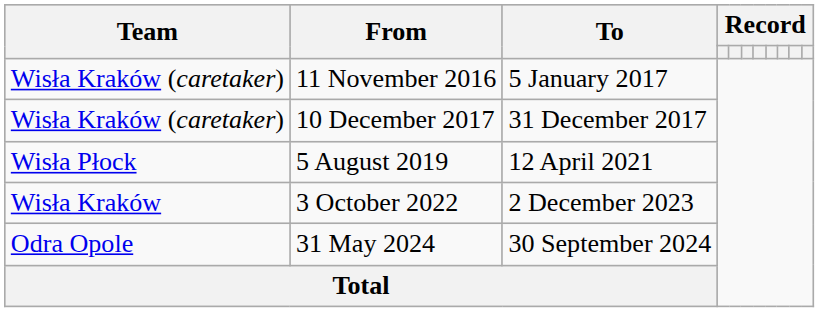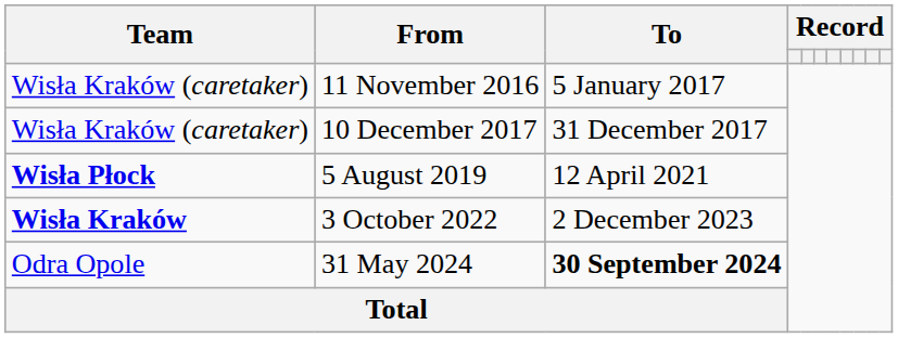 <table class=wikitable style=text-align:center>
 <tr>
 <th rowspan=2>Team</th>
 <th rowspan=2>From</th>
 <th rowspan=2>To</th>
 <th colspan=8>Record</th>
 </tr>
 <tr>
 <th></th>
 <th></th>
 <th></th>
 <th></th>
 <th></th>
 <th></th>
 <th></th>
 <th></th>
 </tr>
 <tr>
 <td align=left><a href='#'>Wisła Kraków</a> (<em>caretaker</em>)</td>
 <td align=left>11 November 2016</td>
 <td align=left>5 January 2017<br></td>
 </tr>
 <tr>
 <td align=left><a href='#'>Wisła Kraków</a> (<em>caretaker</em>)</td>
 <td align=left>10 December 2017</td>
 <td align=left>31 December 2017<br></td>
 </tr>
 <tr>
-<td align=left><a href='#'>Wisła Płock</a></td>
+<td align=left><strong><a href='#'>Wisła Płock</a></strong></td>
 <td align=left>5 August 2019</td>
 <td align=left>12 April 2021<br></td>
 </tr>
 <tr>
-<td align=left><a href='#'>Wisła Kraków</a></td>
+<td align=left><strong><a href='#'>Wisła Kraków</a></strong></td>
 <td align=left>3 October 2022</td>
 <td align=left>2 December 2023<br></td>
 </tr>
 <tr>
 <td align=left><a href='#'>Odra Opole</a></td>
 <td align=left>31 May 2024</td>
-<td align=left>30 September 2024<br></td>
+<td align=left><strong>30 September 2024<br></strong></td>
 </tr>
 <tr>
 <th colspan=3>Total<br></th>
 </tr>
 </table>
